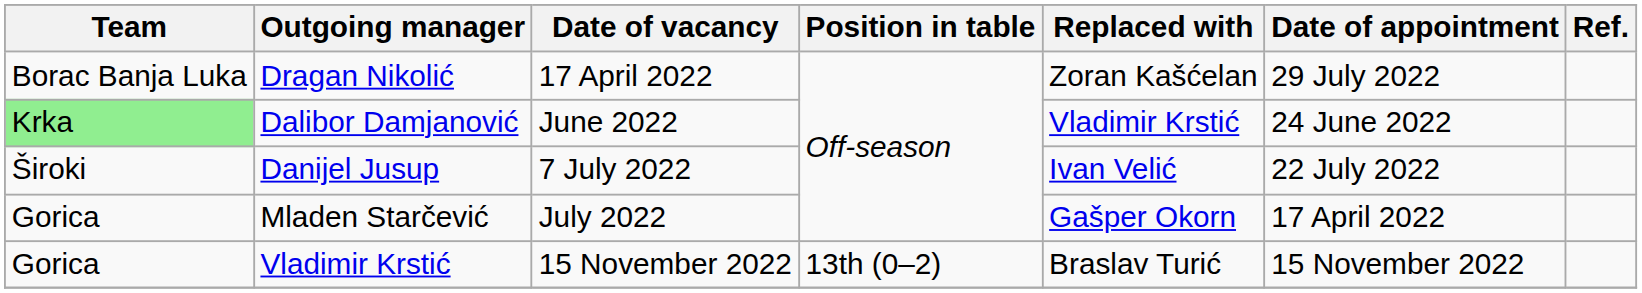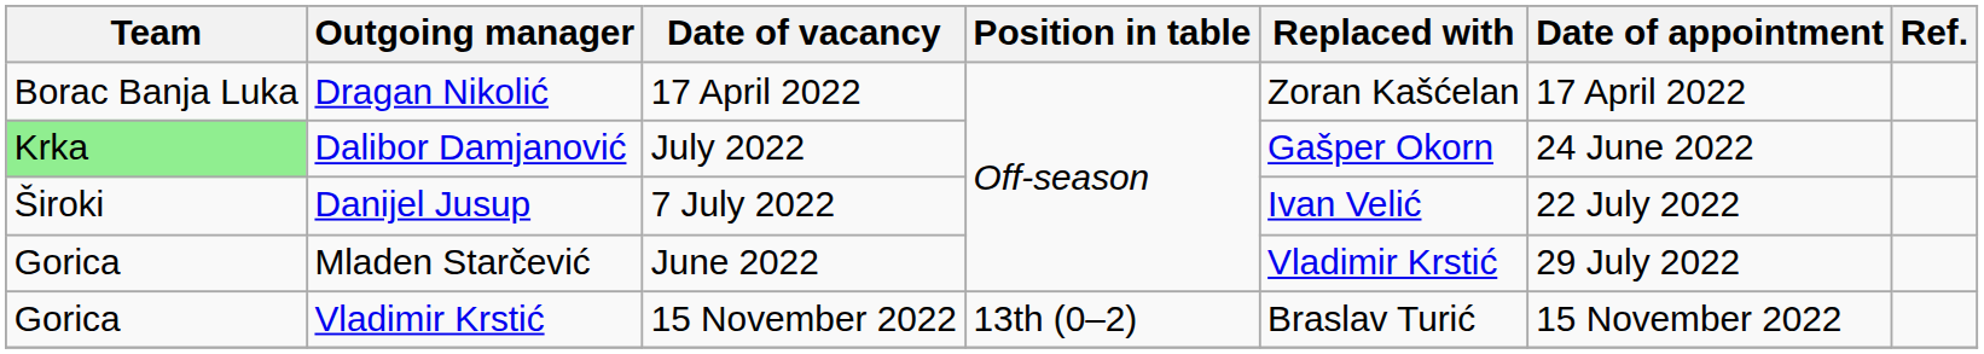 <table class="wikitable sortable">
 <tr>
 <th>Team</th>
 <th>Outgoing manager</th>
 <th>Date of vacancy</th>
 <th>Position in table</th>
 <th>Replaced with</th>
 <th>Date of appointment</th>
 <th>Ref.</th>
 </tr>
 <tr>
 <td>Borac Banja Luka</td>
 <td> <a href='#'>Dragan Nikolić</a></td>
 <td>17 April 2022</td>
 <td rowspan=4><em>Off-season</em></td>
 <td>  Zoran Kašćelan</td>
-<td>29 July 2022</td>
+<td>17 April 2022</td>
 <td></td>
 </tr>
 <tr>
 <td style="background: lightgreen;">Krka</td>
 <td> <a href='#'>Dalibor Damjanović</a></td>
-<td>June 2022</td>
-<td> <a href='#'>Vladimir Krstić</a></td>
+<td>July 2022</td>
+<td>  <a href='#'>Gašper Okorn</a></td>
 <td>24 June 2022</td>
 <td></td>
 </tr>
 <tr>
 <td>Široki</td>
 <td> <a href='#'>Danijel Jusup</a></td>
 <td>7 July 2022</td>
 <td> <a href='#'>Ivan Velić</a></td>
 <td>22 July 2022</td>
 <td></td>
 </tr>
 <tr>
 <td>Gorica</td>
 <td> Mladen Starčević</td>
-<td>July 2022</td>
-<td>  <a href='#'>Gašper Okorn</a></td>
-<td>17 April 2022</td>
+<td>June 2022</td>
+<td> <a href='#'>Vladimir Krstić</a></td>
+<td>29 July 2022</td>
 <td></td>
 </tr>
 <tr>
 <td>Gorica</td>
 <td> <a href='#'>Vladimir Krstić</a></td>
 <td>15 November 2022</td>
 <td>13th (0–2)</td>
 <td> Braslav Turić</td>
 <td>15 November 2022</td>
 <td></td>
 </tr>
 <tr>
 </tr>
 </table>
